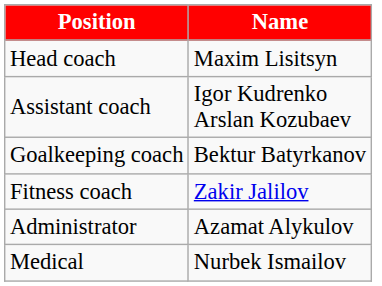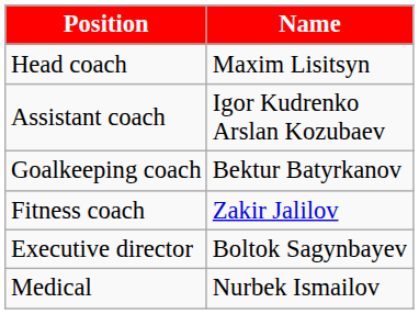 <table class="wikitable">
 <tr>
 <th style="color:#FFFFFF;background:#FF0000">Position</th>
 <th style="color:#FFFFFF;background:#FF0000">Name</th>
 </tr>
 <tr>
 <td>Head coach</td>
 <td> Maxim Lisitsyn</td>
 </tr>
 <tr>
 <td>Assistant coach</td>
 <td> Igor Kudrenko <br>  Arslan Kozubaev</td>
 </tr>
 <tr>
 <td>Goalkeeping coach</td>
 <td> Bektur Batyrkanov</td>
 </tr>
 <tr>
 <td>Fitness coach</td>
 <td> <a href='#'>Zakir Jalilov</a></td>
 </tr>
 <tr>
-<td>Administrator</td>
-<td> Azamat Alykulov</td>
+<td>Executive director</td>
+<td> Boltok Sagynbayev</td>
 </tr>
 <tr>
 <td>Medical</td>
 <td> Nurbek Ismailov</td>
 </tr>
 </table>
